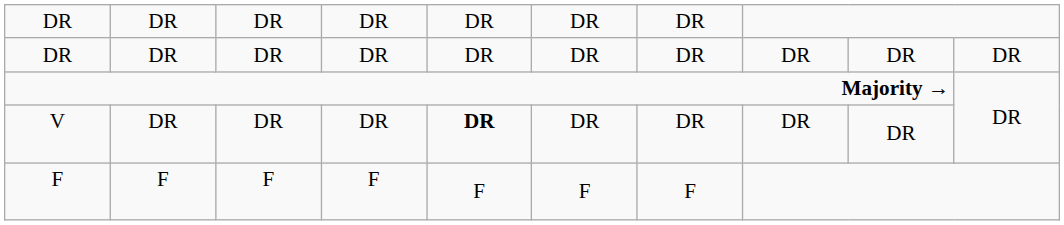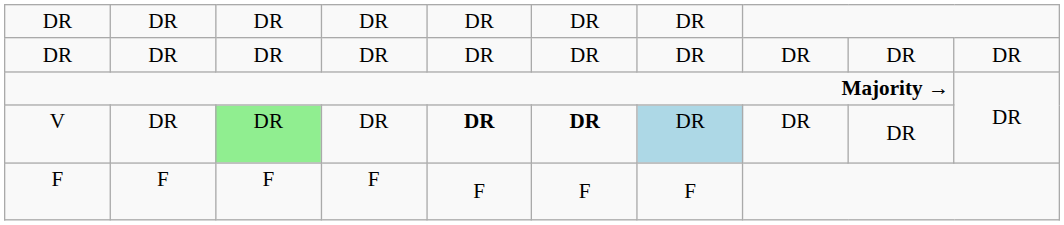 <table class="wikitable" style="text-align:center" width=800px>
 <tr>
 <td>DR</td>
 <td>DR</td>
 <td>DR</td>
 <td>DR</td>
 <td>DR</td>
 <td>DR</td>
 <td>DR</td>
 </tr>
 <tr>
 <td width=50px >DR</td>
 <td width=50px >DR</td>
 <td width=50px >DR</td>
 <td width=50px >DR</td>
 <td width=50px >DR</td>
 <td width=50px >DR</td>
 <td width=50px >DR</td>
 <td width=50px >DR</td>
 <td width=50px >DR</td>
 <td width=50px >DR</td>
 </tr>
 <tr>
 <td colspan=9 style="text-align:right"><strong>Majority →</strong></td>
 <td rowspan=2 >DR</td>
 </tr>
 <tr>
 <td>V<br><br></td>
 <td>DR<br><br></td>
-<td>DR<br><br></td>
+<td style="background: lightgreen;">DR<br><br></td>
 <td>DR<br><br></td>
 <td><strong>DR<br><br></strong></td>
-<td>DR<br><br></td>
-<td>DR<br><br></td>
+<td><strong>DR<br><br></strong></td>
+<td style="background: lightblue;">DR<br><br></td>
 <td>DR<br><br></td>
 <td>DR</td>
 </tr>
 <tr>
 <td>F<br><br></td>
 <td>F<br><br></td>
 <td>F<br><br></td>
 <td>F<br><br></td>
 <td>F</td>
 <td>F</td>
 <td>F</td>
 </tr>
 </table>
